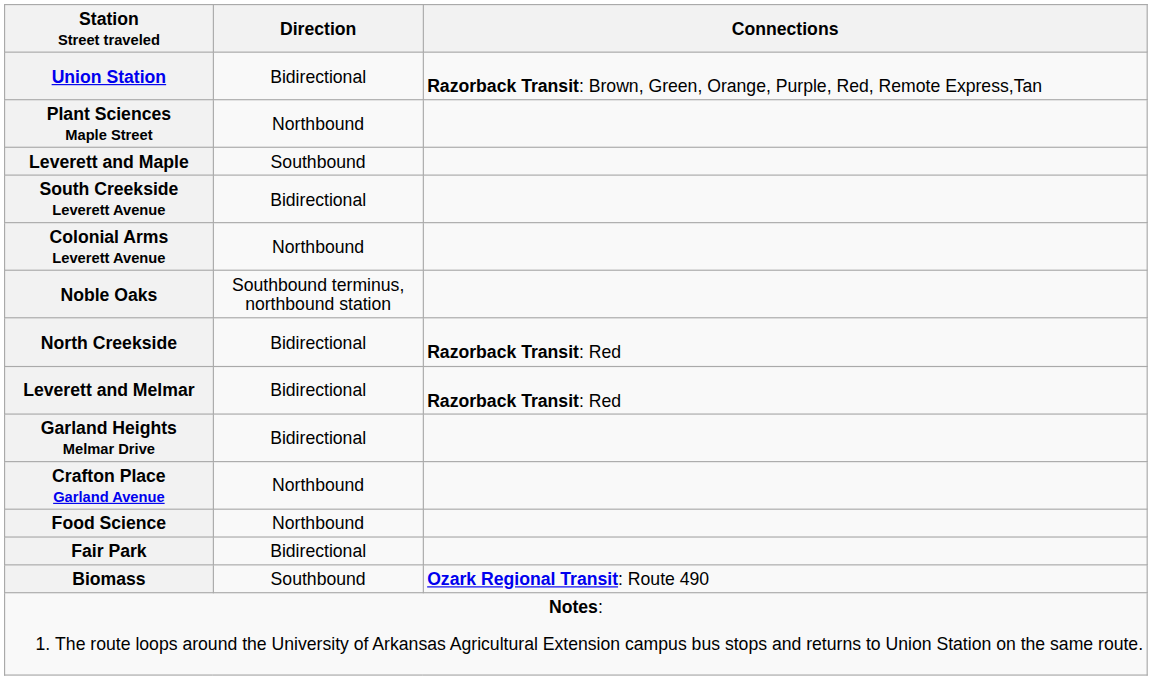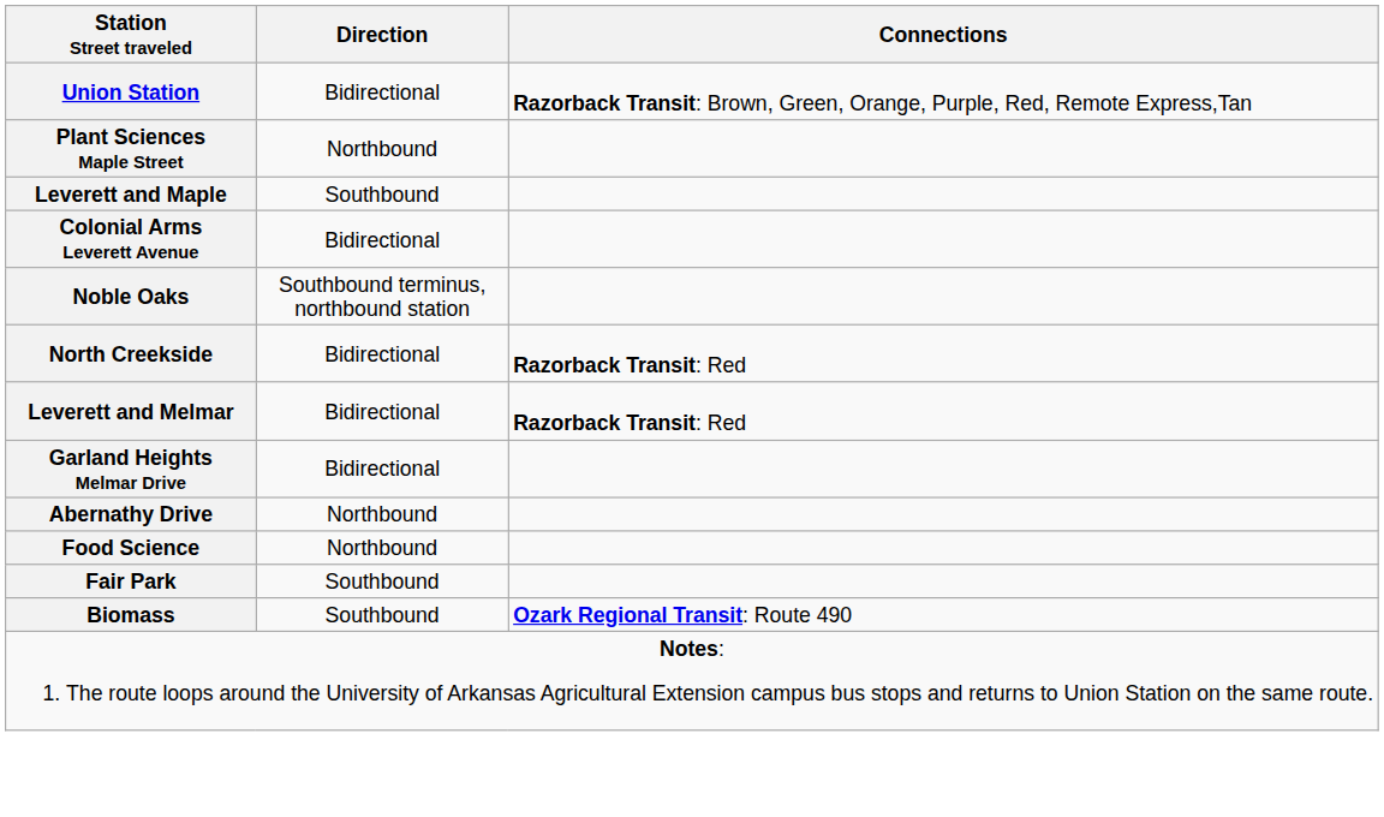 <table class="wikitable" style="font-size: 95%;">
 <tr>
 <th>Station<br><small>Street traveled</small></th>
 <th>Direction</th>
 <th>Connections</th>
 </tr>
 <tr>
 <th><a href='#'>Union Station</a><br></th>
 <td style="text-align:center;">Bidirectional</td>
 <td><br><strong>Razorback Transit</strong>: Brown, Green, Orange, Purple, Red, Remote Express,Tan</td>
 </tr>
 <tr>
 <th>Plant Sciences<br><small>Maple Street</small></th>
 <td style="text-align:center;">Northbound</td>
 <td></td>
 </tr>
 <tr>
 <th>Leverett and Maple<br></th>
 <td style="text-align:center;">Southbound</td>
 <td></td>
 </tr>
 <tr>
-<th>South Creekside<br><small>Leverett Avenue</small></th>
+<th>Colonial Arms<br><small>Leverett Avenue</small></th>
 <td style="text-align:center;">Bidirectional</td>
-<td></td>
-</tr>
-<tr>
-<th>Colonial Arms<br><small>Leverett Avenue</small></th>
-<td style="text-align:center;">Northbound</td>
 <td></td>
 </tr>
 <tr>
 <th>Noble Oaks</th>
 <td style="text-align:center;">Southbound terminus,<br>northbound station</td>
 <td></td>
 </tr>
 <tr>
 <th>North Creekside</th>
 <td style="text-align:center;">Bidirectional</td>
 <td><br><strong>Razorback Transit</strong>: Red</td>
 </tr>
 <tr>
 <th>Leverett and Melmar</th>
 <td style="text-align:center;">Bidirectional</td>
 <td><br><strong>Razorback Transit</strong>: Red</td>
 </tr>
 <tr>
 <th>Garland Heights<br><small>Melmar Drive</small></th>
 <td style="text-align:center;">Bidirectional</td>
 <td></td>
 </tr>
 <tr>
-<th>Crafton Place<br><small><a href='#'>Garland Avenue</a></small></th>
+<th>Abernathy Drive</th>
 <td style="text-align:center;">Northbound</td>
 <td></td>
 </tr>
 <tr>
 <th>Food Science</th>
 <td style="text-align:center;">Northbound</td>
 <td></td>
 </tr>
 <tr>
 <th>Fair Park<br></th>
-<td style="text-align:center;">Bidirectional</td>
+<td style="text-align:center;">Southbound</td>
 <td></td>
 </tr>
 <tr>
 <th>Biomass</th>
 <td style="text-align:center;">Southbound</td>
 <td><strong><a href='#'>Ozark Regional Transit</a></strong>: Route 490</td>
 </tr>
 <tr>
 <td colspan="3" style="text-align:center;"><strong>Notes</strong>:<br><ol><li>The route loops around the University of Arkansas Agricultural Extension campus bus stops and returns to Union Station on the same route.</li></ol></td>
 </tr>
 </table>
